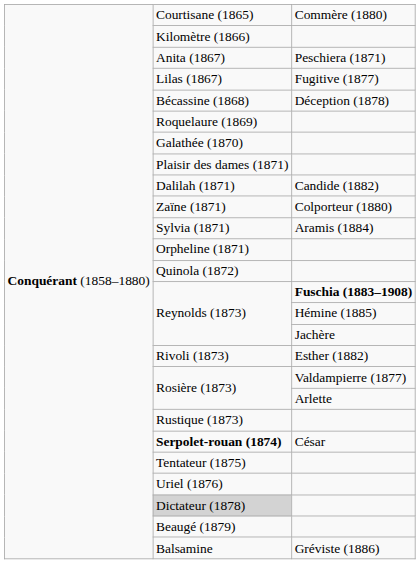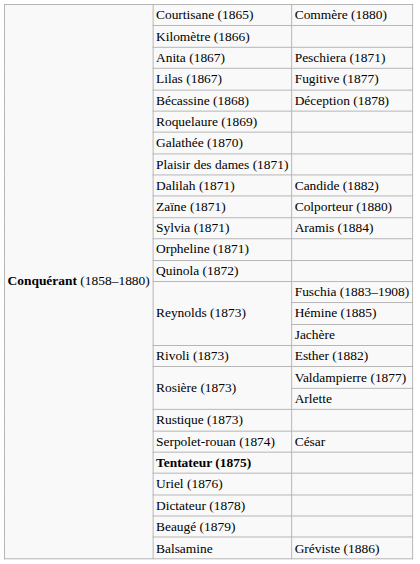 <table class="wikitable">
 <tr>
 <td rowspan="26"><strong>Conquérant</strong> (1858–1880)</td>
 <td>Courtisane (1865)</td>
 <td>Commère (1880)</td>
 </tr>
 <tr>
 <td>Kilomètre (1866)</td>
 <td></td>
 </tr>
 <tr>
 <td>Anita (1867)</td>
 <td>Peschiera (1871)</td>
 </tr>
 <tr>
 <td>Lilas (1867)</td>
 <td>Fugitive (1877)</td>
 </tr>
 <tr>
 <td>Bécassine (1868)</td>
 <td>Déception (1878)</td>
 </tr>
 <tr>
 <td>Roquelaure (1869)</td>
 <td></td>
 </tr>
 <tr>
 <td>Galathée (1870)</td>
 <td></td>
 </tr>
 <tr>
 <td>Plaisir des dames (1871)</td>
 <td></td>
 </tr>
 <tr>
 <td>Dalilah (1871)</td>
 <td>Candide (1882)</td>
 </tr>
 <tr>
 <td>Zaïne (1871)</td>
 <td>Colporteur (1880)</td>
 </tr>
 <tr>
 <td>Sylvia (1871)</td>
 <td>Aramis (1884)</td>
 </tr>
 <tr>
 <td>Orpheline (1871)</td>
 <td></td>
 </tr>
 <tr>
 <td>Quinola (1872)</td>
 <td></td>
 </tr>
 <tr>
 <td rowspan="3">Reynolds (1873)</td>
-<td><strong>Fuschia (1883–1908)</strong></td>
+<td>Fuschia (1883–1908)</td>
 </tr>
 <tr>
 <td>Hémine (1885)</td>
 </tr>
 <tr>
 <td>Jachère</td>
 </tr>
 <tr>
 <td>Rivoli (1873)</td>
 <td>Esther (1882)</td>
 </tr>
 <tr>
 <td rowspan="2">Rosière (1873)</td>
 <td>Valdampierre (1877)</td>
 </tr>
 <tr>
 <td>Arlette</td>
 </tr>
 <tr>
 <td>Rustique (1873)</td>
 <td></td>
 </tr>
 <tr>
-<td><strong>Serpolet-rouan (1874)</strong></td>
+<td>Serpolet-rouan (1874)</td>
 <td>César</td>
 </tr>
 <tr>
-<td>Tentateur (1875)</td>
+<td><strong>Tentateur (1875)</strong></td>
 <td></td>
 </tr>
 <tr>
 <td>Uriel (1876)</td>
 <td></td>
 </tr>
 <tr>
-<td style="background: lightgrey;">Dictateur (1878)</td>
+<td>Dictateur (1878)</td>
 <td></td>
 </tr>
 <tr>
 <td>Beaugé (1879)</td>
 <td></td>
 </tr>
 <tr>
 <td>Balsamine</td>
 <td>Gréviste (1886)</td>
 </tr>
 </table>
